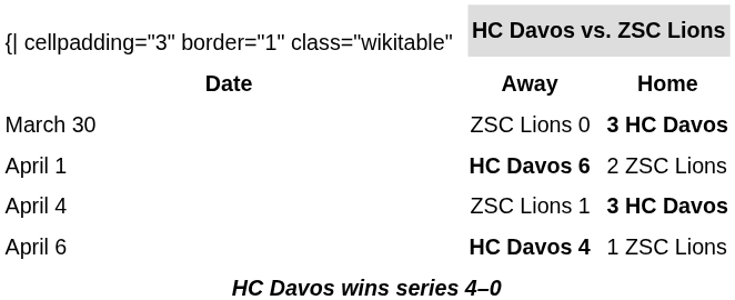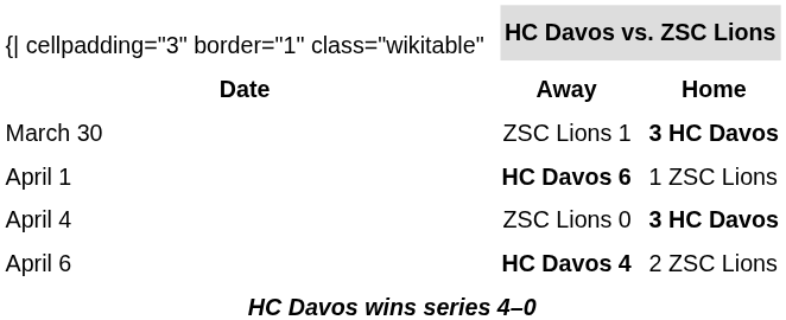 <table cellspacing="10">
 <tr>
 <td valign="top"><br>	{| cellpadding="3" border="1"  class="wikitable"</td>
 <th bgcolor="#DDDDDD" colspan="4">HC Davos vs. ZSC Lions</th>
 </tr>
 <tr>
 <th>Date</th>
 <th>Away</th>
 <th>Home</th>
 </tr>
 <tr>
 <td>March 30</td>
-<td align = "right">ZSC Lions 0</td>
+<td align = "right">ZSC Lions 1</td>
 <td><strong>3 HC Davos</strong></td>
 </tr>
 <tr>
 <td>April 1</td>
 <td align = "right"><strong>HC Davos 6</strong></td>
-<td>2 ZSC Lions</td>
+<td>1 ZSC Lions</td>
 </tr>
 <tr>
 <td>April 4</td>
-<td align = "right">ZSC Lions 1</td>
+<td align = "right">ZSC Lions 0</td>
 <td><strong>3 HC Davos</strong></td>
 </tr>
 <tr>
 <td>April 6</td>
 <td align = "right"><strong>HC Davos 4</strong></td>
-<td>1 ZSC Lions</td>
+<td>2 ZSC Lions</td>
 </tr>
 <tr align="center">
 <td colspan="4"><strong><em>HC Davos wins series 4–0</em></strong></td>
 </tr>
 </table>
